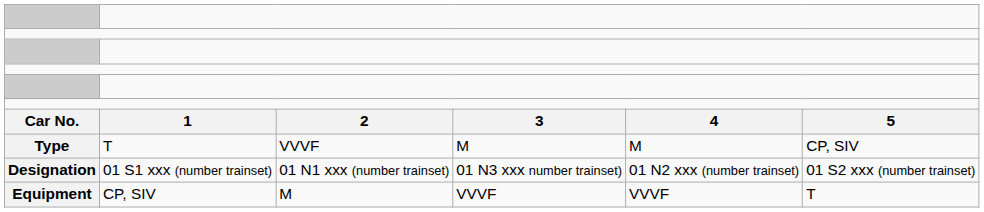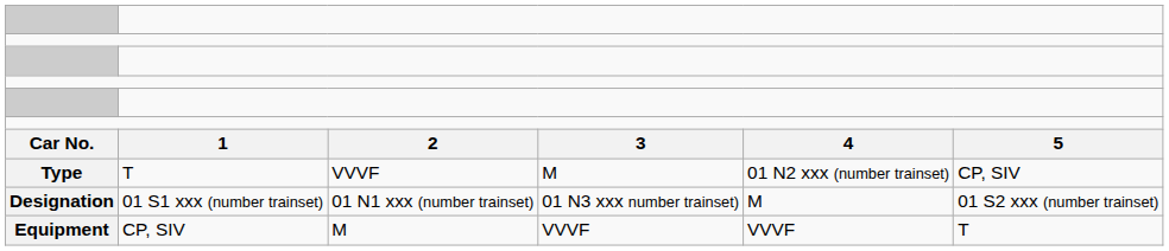 <table class="wikitable">
 <tr>
 <td style="background-color:#ccc;"> </td>
 <td colspan="7"></td>
 </tr>
 <tr style="line-height:10px; background-color:#">
 <td colspan="7" style="padding:0; border:0;"> </td>
 </tr>
 <tr>
 <td style="background-color:#ccc;"> </td>
 <td colspan="7"></td>
 </tr>
 <tr style="line-height:10px; background-color:#">
 <td colspan="7" style="padding:0; border:0;"> </td>
 </tr>
 <tr>
 <td style="background-color:#ccc;"> </td>
 <td colspan="7"></td>
 </tr>
 <tr style="line-height:10px; background-color:#">
 <td colspan="7" style="padding:0; border:0;"> </td>
 </tr>
 <tr>
 <th>Car No.</th>
 <th>1</th>
 <th>2</th>
 <th>3</th>
 <th>4</th>
 <th>5</th>
 </tr>
 <tr>
 <th>Type</th>
 <td>T</td>
 <td>VVVF</td>
 <td>M</td>
-<td>M</td>
+<td>01 N2 xxx <small>(number trainset)</small></td>
 <td>CP, SIV</td>
 </tr>
 <tr>
 <th>Designation</th>
 <td>01 S1 xxx <small>(number trainset)</small></td>
 <td>01 N1 xxx <small>(number trainset)</small></td>
 <td>01 N3 xxx <small>number trainset)</small></td>
-<td>01 N2 xxx <small>(number trainset)</small></td>
+<td>M</td>
 <td>01 S2 xxx <small>(number trainset)</small></td>
 </tr>
 <tr>
 <th>Equipment</th>
 <td>CP, SIV</td>
 <td>M</td>
 <td>VVVF</td>
 <td>VVVF</td>
 <td>T</td>
 </tr>
 </table>
